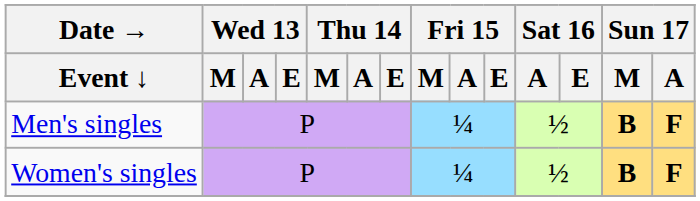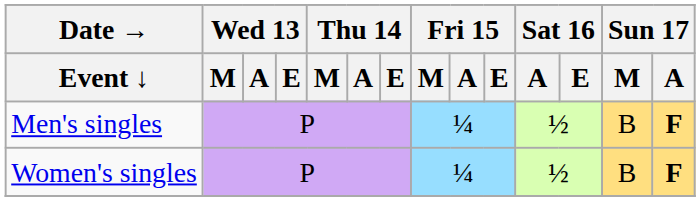 <table class="wikitable" style="margin:0.5em auto; font-size:90%; line-height:1.25em;">
 <tr style="text-align:center;">
 <th>Date →</th>
 <th colspan="3">Wed 13</th>
 <th colspan="3">Thu 14</th>
 <th colspan="3">Fri 15</th>
 <th colspan="2">Sat 16</th>
 <th colspan="2">Sun 17</th>
 </tr>
 <tr>
 <th>Event   ↓</th>
 <th>M</th>
 <th>A</th>
 <th>E</th>
 <th>M</th>
 <th>A</th>
 <th>E</th>
 <th>M</th>
 <th>A</th>
 <th>E</th>
 <th>A</th>
 <th>E</th>
 <th>M</th>
 <th>A</th>
 </tr>
 <tr style="text-align:center;">
 <td style="text-align:left;"><a href='#'>Men's singles</a></td>
 <td colspan="6" style="background-color:#D0A9F5">P</td>
 <td colspan="3" style="background-color:#97DEFF">¼</td>
 <td colspan="2" style="background-color:#D9FFB2;">½</td>
-<td style="background-color:#FFDF80;"><strong>B</strong></td>
+<td style="background-color:#FFDF80;">B</td>
 <td style="background-color:#FFDF80;"><strong>F</strong></td>
 </tr>
 <tr style="text-align:center;">
 <td style="text-align:left;"><a href='#'>Women's singles</a></td>
 <td colspan="6" style="background-color:#D0A9F5">P</td>
 <td colspan="3" style="background-color:#97DEFF">¼</td>
 <td colspan="2" style="background-color:#D9FFB2;">½</td>
-<td style="background-color:#FFDF80;"><strong>B</strong></td>
+<td style="background-color:#FFDF80;">B</td>
 <td style="background-color:#FFDF80;"><strong>F</strong></td>
 </tr>
 <tr>
 </tr>
 </table>
